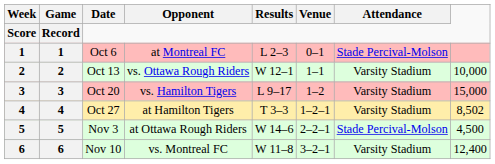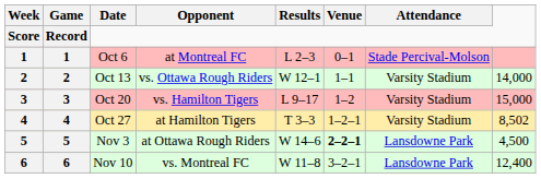 <table class="wikitable" style="text-align:center">
 <tr>
 <th>Week</th>
 <th>Game</th>
 <th>Date</th>
 <th>Opponent</th>
 <th>Results</th>
 <th>Venue</th>
 <th>Attendance</th>
 </tr>
 <tr>
 <th>Score</th>
 <th>Record</th>
 </tr>
 <tr style="background:#ffbbbb">
 <th>1</th>
 <th>1</th>
 <td>Oct 6</td>
 <td>at <a href='#'>Montreal FC</a></td>
 <td>L 2–3</td>
 <td>0–1</td>
 <td><a href='#'>Stade Percival-Molson</a></td>
 <td></td>
 </tr>
 <tr style="background:#ddffdd">
 <th>2</th>
 <th>2</th>
 <td>Oct 13</td>
 <td>vs. <a href='#'>Ottawa Rough Riders</a></td>
 <td>W 12–1</td>
 <td>1–1</td>
 <td>Varsity Stadium</td>
-<td>10,000</td>
+<td>14,000</td>
 </tr>
 <tr style="background:#ffbbbb">
 <th>3</th>
 <th>3</th>
 <td>Oct 20</td>
 <td>vs. <a href='#'>Hamilton Tigers</a></td>
 <td>L 9–17</td>
 <td>1–2</td>
 <td>Varsity Stadium</td>
 <td>15,000</td>
 </tr>
 <tr style="background:#ffeeaa">
 <th>4</th>
 <th>4</th>
 <td>Oct 27</td>
 <td>at Hamilton Tigers</td>
 <td>T 3–3</td>
 <td>1–2–1</td>
 <td>Varsity Stadium</td>
 <td>8,502</td>
 </tr>
 <tr style="background:#ddffdd">
 <th>5</th>
 <th>5</th>
 <td>Nov 3</td>
 <td>at Ottawa Rough Riders</td>
 <td>W 14–6</td>
-<td>2–2–1</td>
-<td><a href='#'>Stade Percival-Molson</a></td>
+<td><strong>2–2–1</strong></td>
+<td><a href='#'>Lansdowne Park</a></td>
 <td>4,500</td>
 </tr>
 <tr style="background:#ddffdd">
 <th>6</th>
 <th>6</th>
 <td>Nov 10</td>
 <td>vs. Montreal FC</td>
 <td>W 11–8</td>
 <td>3–2–1</td>
-<td>Varsity Stadium</td>
+<td><a href='#'>Lansdowne Park</a></td>
 <td>12,400</td>
 </tr>
 </table>
